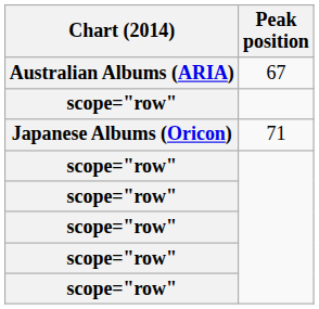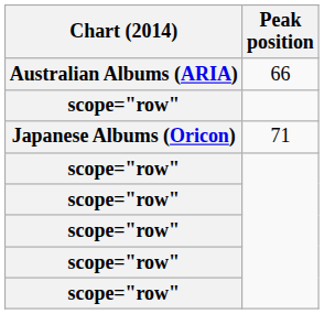 <table class="wikitable sortable plainrowheaders" style="text-align:center">
 <tr>
 <th scope="col">Chart (2014)</th>
 <th scope="col">Peak<br>position</th>
 </tr>
 <tr>
 <th scope="row">Australian Albums (<a href='#'>ARIA</a>)</th>
-<td>67</td>
+<td>66</td>
 </tr>
 <tr>
 <th>scope="row" </th>
 </tr>
 <tr>
 <th scope="row">Japanese Albums (<a href='#'>Oricon</a>)</th>
 <td>71</td>
 </tr>
 <tr>
 <th>scope="row" </th>
 </tr>
 <tr>
 <th>scope="row" </th>
 </tr>
 <tr>
 <th>scope="row" </th>
 </tr>
 <tr>
 <th>scope="row" </th>
 </tr>
 <tr>
 <th>scope="row" </th>
 </tr>
 </table>
